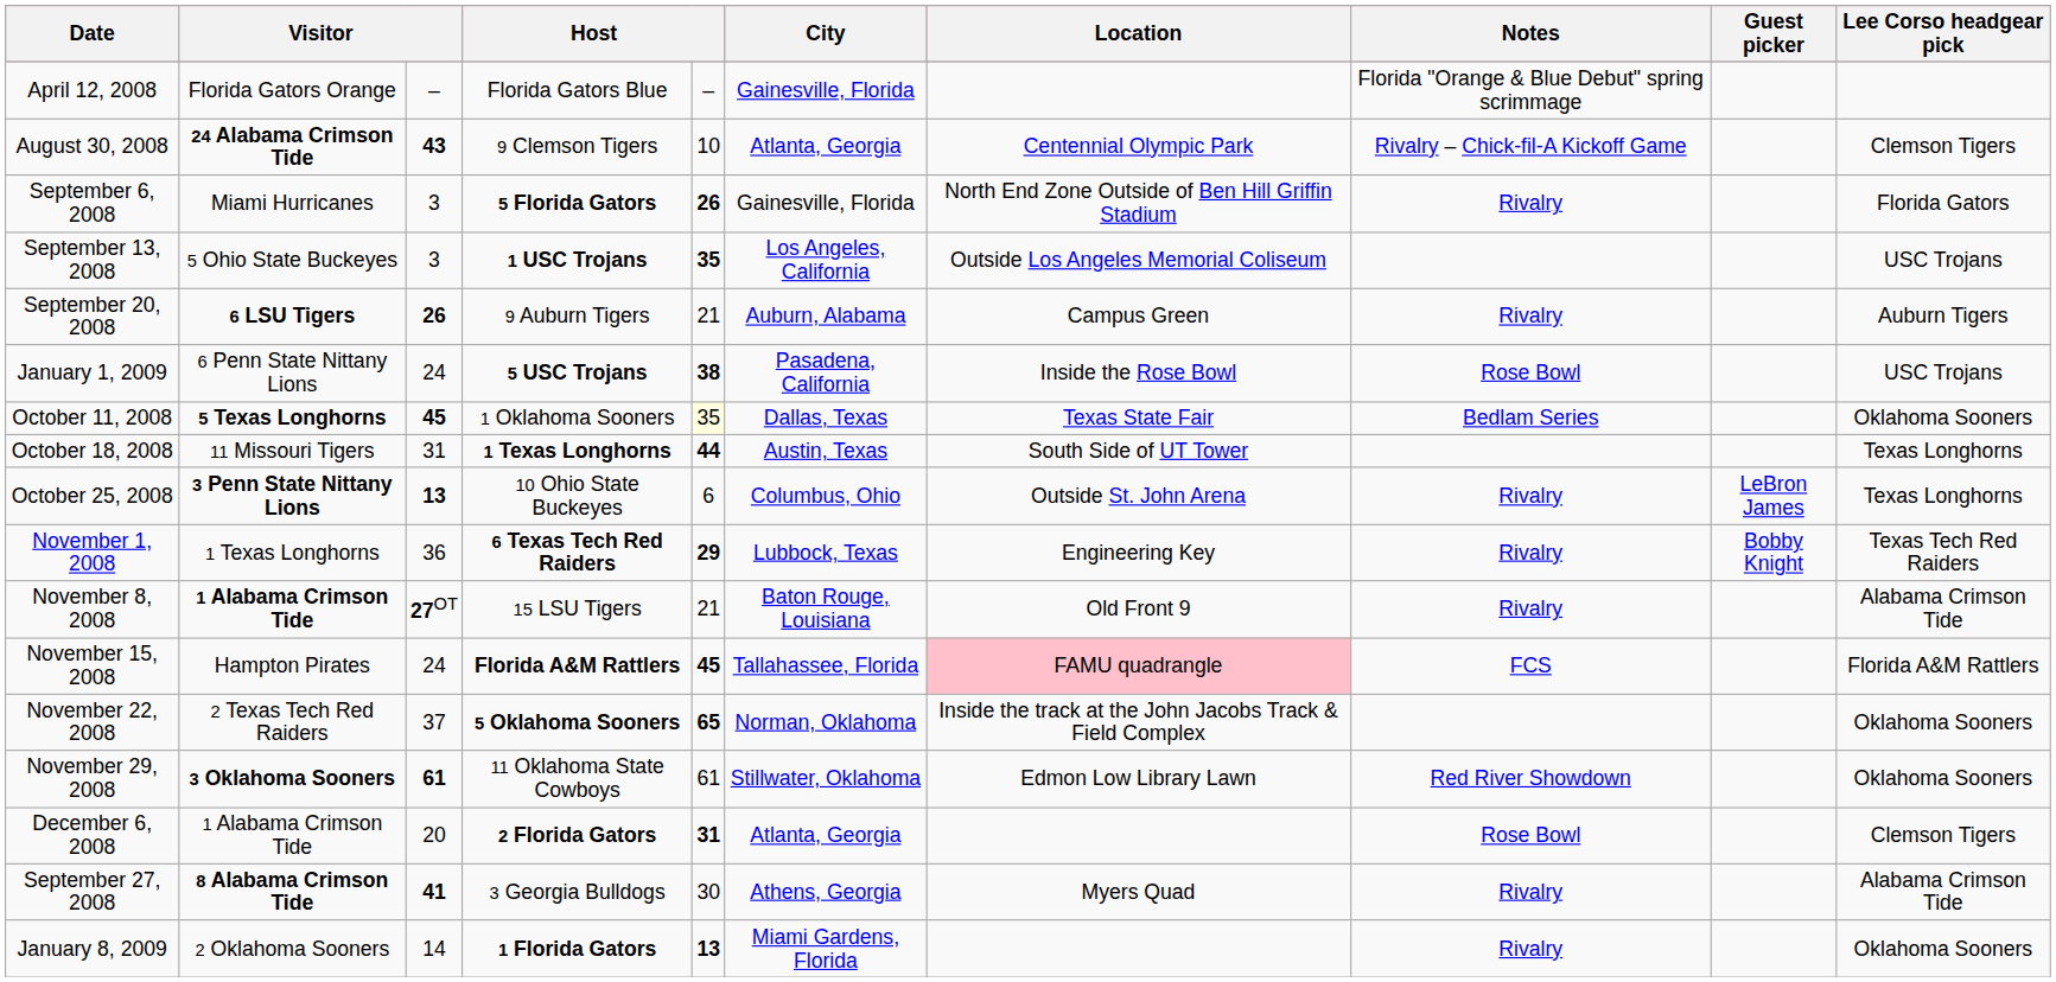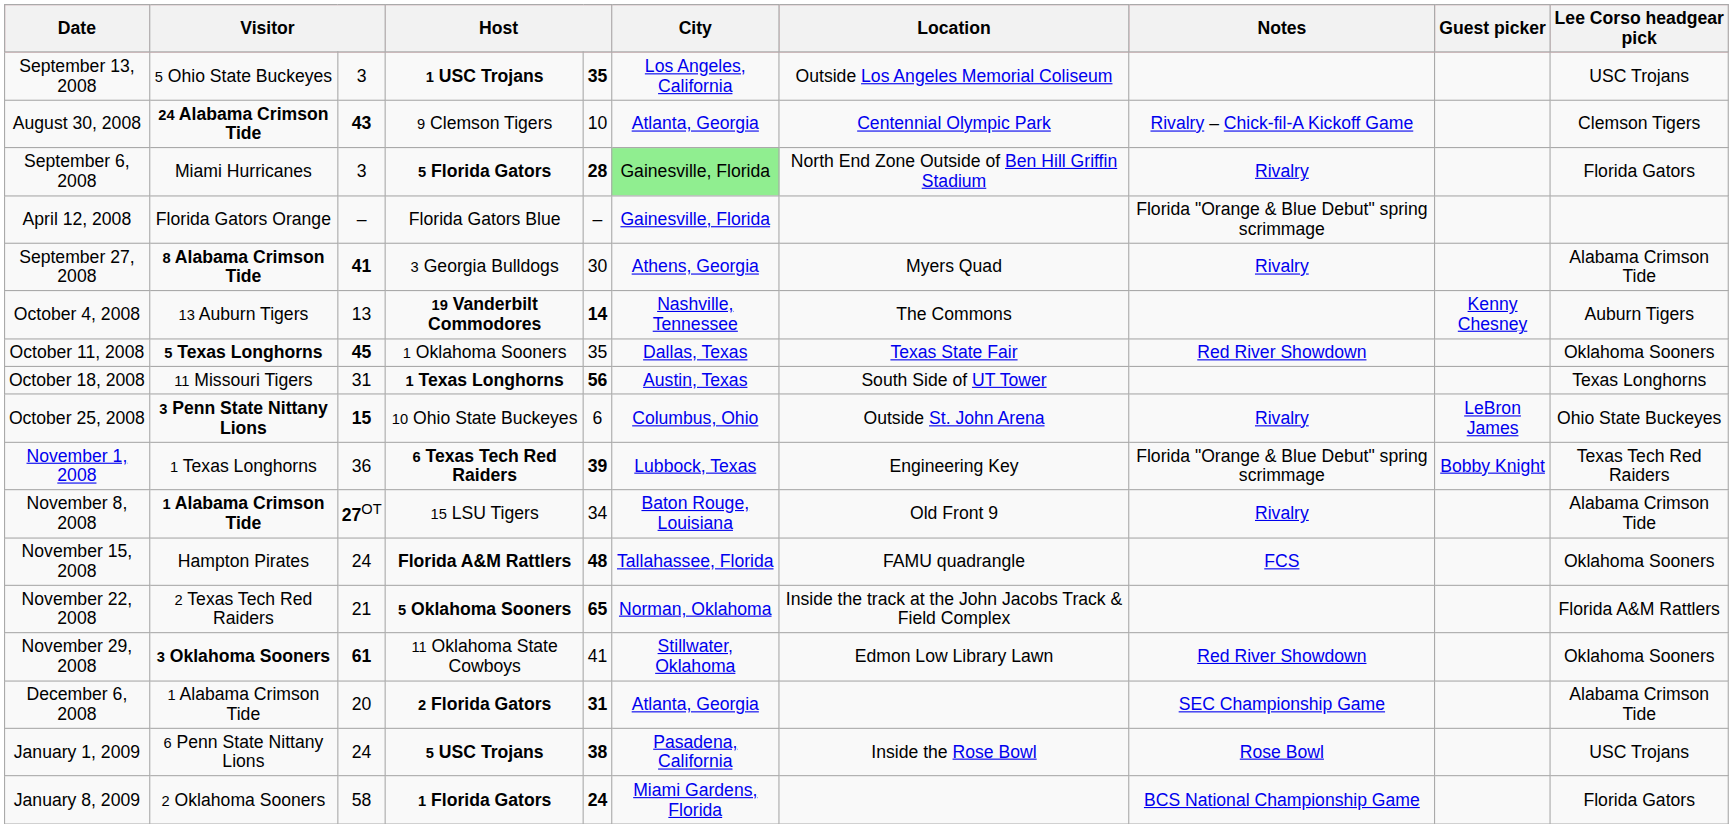 <table class="wikitable" style="text-align:center">
 <tr style="background:#A32638;"|>
 <th>Date</th>
 <th colspan=2>Visitor</th>
 <th colspan=2>Host</th>
 <th>City</th>
 <th>Location</th>
 <th>Notes</th>
 <th>Guest picker</th>
 <th>Lee Corso headgear pick</th>
 </tr>
 <tr>
-<td>April 12, 2008</td>
-<td>Florida Gators Orange</td>
-<td>–</td>
-<td>Florida Gators Blue</td>
-<td>–</td>
-<td><a href='#'>Gainesville, Florida</a></td>
-<td></td>
-<td>Florida "Orange & Blue Debut" spring scrimmage</td>
+<td>September 13, 2008</td>
+<td><small>5</small> Ohio State Buckeyes</td>
+<td>3</td>
+<td><strong><small>1</small> USC Trojans</strong></td>
+<td><strong>35</strong></td>
+<td><a href='#'>Los Angeles, California</a></td>
+<td>Outside <a href='#'>Los Angeles Memorial Coliseum</a></td>
 <td></td>
 <td></td>
+<td>USC Trojans</td>
 </tr>
 <tr>
 <td>August 30, 2008</td>
 <td><strong><small>24</small> Alabama Crimson Tide</strong></td>
 <td><strong>43</strong></td>
 <td><small>9</small> Clemson Tigers</td>
 <td>10</td>
 <td><a href='#'>Atlanta, Georgia</a></td>
 <td><a href='#'>Centennial Olympic Park</a></td>
 <td><a href='#'>Rivalry</a> – <a href='#'>Chick-fil-A Kickoff Game</a></td>
 <td></td>
 <td>Clemson Tigers</td>
 </tr>
 <tr>
 <td>September 6, 2008</td>
 <td>Miami Hurricanes</td>
 <td>3</td>
 <td><strong><small>5</small> Florida Gators</strong></td>
-<td><strong>26</strong></td>
-<td>Gainesville, Florida</td>
+<td><strong>28</strong></td>
+<td style="background: lightgreen;">Gainesville, Florida</td>
 <td>North End Zone Outside of <a href='#'>Ben Hill Griffin Stadium</a></td>
 <td><a href='#'>Rivalry</a></td>
 <td></td>
 <td>Florida Gators</td>
 </tr>
 <tr>
-<td>September 13, 2008</td>
-<td><small>5</small> Ohio State Buckeyes</td>
-<td>3</td>
-<td><strong><small>1</small> USC Trojans</strong></td>
-<td><strong>35</strong></td>
-<td><a href='#'>Los Angeles, California</a></td>
-<td>Outside <a href='#'>Los Angeles Memorial Coliseum</a></td>
+<td>April 12, 2008</td>
+<td>Florida Gators Orange</td>
+<td>–</td>
+<td>Florida Gators Blue</td>
+<td>–</td>
+<td><a href='#'>Gainesville, Florida</a></td>
+<td></td>
+<td>Florida "Orange & Blue Debut" spring scrimmage</td>
 <td></td>
 <td></td>
-<td>USC Trojans</td>
 </tr>
 <tr>
-<td>September 20, 2008</td>
-<td><strong><small>6</small> LSU Tigers</strong></td>
-<td><strong>26</strong></td>
-<td><small>9</small> Auburn Tigers</td>
-<td>21</td>
-<td><a href='#'>Auburn, Alabama</a></td>
-<td>Campus Green</td>
+<td>September 27, 2008</td>
+<td><strong><small>8</small> Alabama Crimson Tide</strong></td>
+<td><strong>41</strong></td>
+<td><small>3</small> Georgia Bulldogs</td>
+<td>30</td>
+<td><a href='#'>Athens, Georgia</a></td>
+<td>Myers Quad</td>
 <td><a href='#'>Rivalry</a></td>
 <td></td>
+<td>Alabama Crimson Tide</td>
+</tr>
+<tr>
+<td>October 4, 2008</td>
+<td><small>13</small> Auburn Tigers</td>
+<td>13</td>
+<td><strong><small>19</small> Vanderbilt Commodores</strong></td>
+<td><strong>14</strong></td>
+<td><a href='#'>Nashville, Tennessee</a></td>
+<td>The Commons</td>
+<td></td>
+<td><a href='#'>Kenny Chesney</a></td>
 <td>Auburn Tigers</td>
+</tr>
+<tr>
+<td>October 11, 2008</td>
+<td><strong><small>5</small> Texas Longhorns</strong></td>
+<td><strong>45</strong></td>
+<td><small>1</small> Oklahoma Sooners</td>
+<td>35</td>
+<td><a href='#'>Dallas, Texas</a></td>
+<td><a href='#'>Texas State Fair</a></td>
+<td><a href='#'>Red River Showdown</a></td>
+<td></td>
+<td>Oklahoma Sooners</td>
+</tr>
+<tr>
+<td>October 18, 2008</td>
+<td><small>11</small> Missouri Tigers</td>
+<td>31</td>
+<td><strong><small>1</small> Texas Longhorns</strong></td>
+<td><strong>56</strong></td>
+<td><a href='#'>Austin, Texas</a></td>
+<td>South Side of <a href='#'>UT Tower</a></td>
+<td></td>
+<td></td>
+<td>Texas Longhorns</td>
+</tr>
+<tr>
+<td>October 25, 2008</td>
+<td><strong><small>3</small> Penn State Nittany Lions</strong></td>
+<td><strong>15</strong></td>
+<td><small>10</small> Ohio State Buckeyes</td>
+<td>6</td>
+<td><a href='#'>Columbus, Ohio</a></td>
+<td>Outside <a href='#'>St. John Arena</a></td>
+<td><a href='#'>Rivalry</a></td>
+<td><a href='#'>LeBron James</a></td>
+<td>Ohio State Buckeyes</td>
+</tr>
+<tr>
+<td><a href='#'>November 1, 2008</a></td>
+<td><small>1</small> Texas Longhorns</td>
+<td>36</td>
+<td><strong><small>6</small> Texas Tech Red Raiders</strong></td>
+<td><strong>39</strong></td>
+<td><a href='#'>Lubbock, Texas</a></td>
+<td>Engineering Key</td>
+<td>Florida "Orange & Blue Debut" spring scrimmage</td>
+<td><a href='#'>Bobby Knight</a></td>
+<td>Texas Tech Red Raiders</td>
+</tr>
+<tr>
+<td>November 8, 2008</td>
+<td><strong><small>1</small> Alabama Crimson Tide</strong></td>
+<td><strong>27</strong><sup>OT</sup></td>
+<td><small>15</small> LSU Tigers</td>
+<td>34</td>
+<td><a href='#'>Baton Rouge, Louisiana</a></td>
+<td>Old Front 9</td>
+<td><a href='#'>Rivalry</a></td>
+<td></td>
+<td>Alabama Crimson Tide</td>
+</tr>
+<tr>
+<td>November 15, 2008</td>
+<td>Hampton Pirates</td>
+<td>24</td>
+<td><strong>Florida A&M Rattlers</strong></td>
+<td><strong>48</strong></td>
+<td><a href='#'>Tallahassee, Florida</a></td>
+<td>FAMU quadrangle</td>
+<td><a href='#'>FCS</a></td>
+<td></td>
+<td>Oklahoma Sooners</td>
+</tr>
+<tr>
+<td>November 22, 2008</td>
+<td><small>2</small> Texas Tech Red Raiders</td>
+<td>21</td>
+<td><strong><small>5</small> Oklahoma Sooners</strong></td>
+<td><strong>65</strong></td>
+<td><a href='#'>Norman, Oklahoma</a></td>
+<td>Inside the track at the John Jacobs Track & Field Complex</td>
+<td></td>
+<td></td>
+<td>Florida A&M Rattlers</td>
+</tr>
+<tr>
+<td>November 29, 2008</td>
+<td><strong><small>3</small> Oklahoma Sooners</strong></td>
+<td><strong>61</strong></td>
+<td><small>11</small> Oklahoma State Cowboys</td>
+<td>41</td>
+<td><a href='#'>Stillwater, Oklahoma</a></td>
+<td>Edmon Low Library Lawn</td>
+<td><a href='#'>Red River Showdown</a></td>
+<td></td>
+<td>Oklahoma Sooners</td>
+</tr>
+<tr>
+<td>December 6, 2008</td>
+<td><small>1</small> Alabama Crimson Tide</td>
+<td>20</td>
+<td><strong><small>2</small> Florida Gators</strong></td>
+<td><strong>31</strong></td>
+<td><a href='#'>Atlanta, Georgia</a></td>
+<td></td>
+<td><a href='#'>SEC Championship Game</a></td>
+<td></td>
+<td>Alabama Crimson Tide</td>
 </tr>
 <tr>
 <td>January 1, 2009</td>
 <td><small>6</small> Penn State Nittany Lions</td>
 <td>24</td>
 <td><strong><small>5</small> USC Trojans</strong></td>
 <td><strong>38</strong></td>
 <td><a href='#'>Pasadena, California</a></td>
 <td>Inside the <a href='#'>Rose Bowl</a></td>
 <td><a href='#'>Rose Bowl</a></td>
 <td></td>
 <td>USC Trojans</td>
 </tr>
 <tr>
-<td>October 11, 2008</td>
-<td><strong><small>5</small> Texas Longhorns</strong></td>
-<td><strong>45</strong></td>
-<td><small>1</small> Oklahoma Sooners</td>
-<td style="background: lightyellow;">35</td>
-<td><a href='#'>Dallas, Texas</a></td>
-<td><a href='#'>Texas State Fair</a></td>
-<td><a href='#'>Bedlam Series</a></td>
-<td></td>
-<td>Oklahoma Sooners</td>
-</tr>
-<tr>
-<td>October 18, 2008</td>
-<td><small>11</small> Missouri Tigers</td>
-<td>31</td>
-<td><strong><small>1</small> Texas Longhorns</strong></td>
-<td><strong>44</strong></td>
-<td><a href='#'>Austin, Texas</a></td>
-<td>South Side of <a href='#'>UT Tower</a></td>
-<td></td>
-<td></td>
-<td>Texas Longhorns</td>
-</tr>
-<tr>
-<td>October 25, 2008</td>
-<td><strong><small>3</small> Penn State Nittany Lions</strong></td>
-<td><strong>13</strong></td>
-<td><small>10</small> Ohio State Buckeyes</td>
-<td>6</td>
-<td><a href='#'>Columbus, Ohio</a></td>
-<td>Outside <a href='#'>St. John Arena</a></td>
-<td><a href='#'>Rivalry</a></td>
-<td><a href='#'>LeBron James</a></td>
-<td>Texas Longhorns</td>
-</tr>
-<tr>
-<td><a href='#'>November 1, 2008</a></td>
-<td><small>1</small> Texas Longhorns</td>
-<td>36</td>
-<td><strong><small>6</small> Texas Tech Red Raiders</strong></td>
-<td><strong>29</strong></td>
-<td><a href='#'>Lubbock, Texas</a></td>
-<td>Engineering Key</td>
-<td><a href='#'>Rivalry</a></td>
-<td><a href='#'>Bobby Knight</a></td>
-<td>Texas Tech Red Raiders</td>
-</tr>
-<tr>
-<td>November 8, 2008</td>
-<td><strong><small>1</small> Alabama Crimson Tide</strong></td>
-<td><strong>27</strong><sup>OT</sup></td>
-<td><small>15</small> LSU Tigers</td>
-<td>21</td>
-<td><a href='#'>Baton Rouge, Louisiana</a></td>
-<td>Old Front 9</td>
-<td><a href='#'>Rivalry</a></td>
-<td></td>
-<td>Alabama Crimson Tide</td>
-</tr>
-<tr>
-<td>November 15, 2008</td>
-<td>Hampton Pirates</td>
-<td>24</td>
-<td><strong>Florida A&M Rattlers</strong></td>
-<td><strong>45</strong></td>
-<td><a href='#'>Tallahassee, Florida</a></td>
-<td style="background: pink;">FAMU quadrangle</td>
-<td><a href='#'>FCS</a></td>
-<td></td>
-<td>Florida A&M Rattlers</td>
-</tr>
-<tr>
-<td>November 22, 2008</td>
-<td><small>2</small> Texas Tech Red Raiders</td>
-<td>37</td>
-<td><strong><small>5</small> Oklahoma Sooners</strong></td>
-<td><strong>65</strong></td>
-<td><a href='#'>Norman, Oklahoma</a></td>
-<td>Inside the track at the John Jacobs Track & Field Complex</td>
-<td></td>
-<td></td>
-<td>Oklahoma Sooners</td>
-</tr>
-<tr>
-<td>November 29, 2008</td>
-<td><strong><small>3</small> Oklahoma Sooners</strong></td>
-<td><strong>61</strong></td>
-<td><small>11</small> Oklahoma State Cowboys</td>
-<td>61</td>
-<td><a href='#'>Stillwater, Oklahoma</a></td>
-<td>Edmon Low Library Lawn</td>
-<td><a href='#'>Red River Showdown</a></td>
-<td></td>
-<td>Oklahoma Sooners</td>
-</tr>
-<tr>
-<td>December 6, 2008</td>
-<td><small>1</small> Alabama Crimson Tide</td>
-<td>20</td>
-<td><strong><small>2</small> Florida Gators</strong></td>
-<td><strong>31</strong></td>
-<td><a href='#'>Atlanta, Georgia</a></td>
-<td></td>
-<td><a href='#'>Rose Bowl</a></td>
-<td></td>
-<td>Clemson Tigers</td>
-</tr>
-<tr>
-<td>September 27, 2008</td>
-<td><strong><small>8</small> Alabama Crimson Tide</strong></td>
-<td><strong>41</strong></td>
-<td><small>3</small> Georgia Bulldogs</td>
-<td>30</td>
-<td><a href='#'>Athens, Georgia</a></td>
-<td>Myers Quad</td>
-<td><a href='#'>Rivalry</a></td>
-<td></td>
-<td>Alabama Crimson Tide</td>
-</tr>
-<tr>
 <td>January 8, 2009</td>
 <td><small>2</small> Oklahoma Sooners</td>
-<td>14</td>
+<td>58</td>
 <td><strong><small>1</small> Florida Gators</strong></td>
-<td><strong>13</strong></td>
+<td><strong>24</strong></td>
 <td><a href='#'>Miami Gardens, Florida</a></td>
 <td></td>
-<td><a href='#'>Rivalry</a></td>
+<td><a href='#'>BCS National Championship Game</a></td>
 <td></td>
-<td>Oklahoma Sooners</td>
+<td>Florida Gators</td>
 </tr>
 </table>
